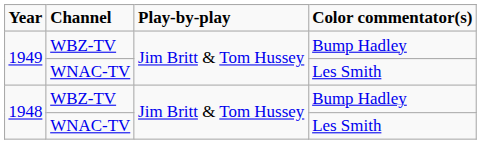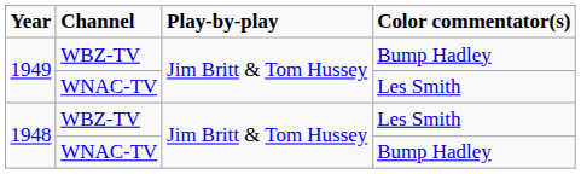 <table class="wikitable">
 <tr>
 <td><strong>Year</strong></td>
 <td><strong>Channel</strong></td>
 <td><strong>Play-by-play</strong></td>
 <td><strong>Color commentator(s)</strong></td>
 </tr>
 <tr>
 <td rowspan=2><a href='#'>1949</a></td>
 <td><a href='#'>WBZ-TV</a></td>
 <td rowspan="2"><a href='#'>Jim Britt</a> & <a href='#'>Tom Hussey</a></td>
 <td><a href='#'>Bump Hadley</a></td>
 </tr>
 <tr>
 <td><a href='#'>WNAC-TV</a></td>
 <td><a href='#'>Les Smith</a></td>
 </tr>
 <tr>
 <td rowspan=2><a href='#'>1948</a></td>
 <td><a href='#'>WBZ-TV</a></td>
 <td rowspan="2"><a href='#'>Jim Britt</a> & <a href='#'>Tom Hussey</a></td>
-<td><a href='#'>Bump Hadley</a></td>
+<td><a href='#'>Les Smith</a></td>
 </tr>
 <tr>
 <td><a href='#'>WNAC-TV</a></td>
-<td><a href='#'>Les Smith</a></td>
+<td><a href='#'>Bump Hadley</a></td>
 </tr>
 </table>
